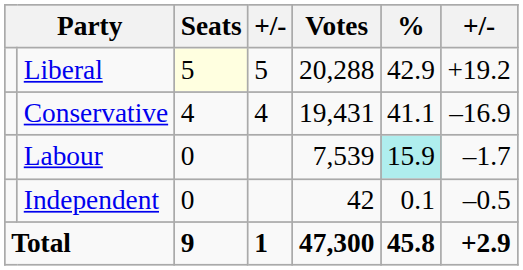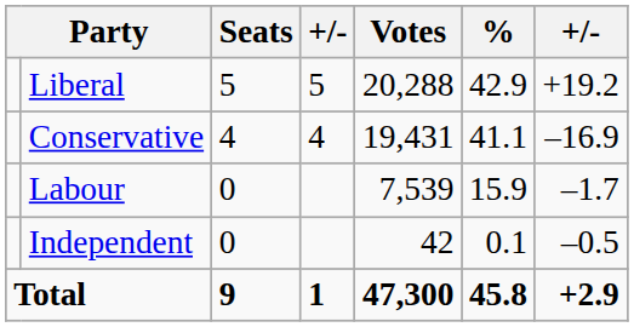 <table class="wikitable sortable">
 <tr>
 <th colspan="2">Party</th>
 <th>Seats</th>
 <th>+/-</th>
 <th>Votes</th>
 <th>%</th>
 <th>+/-</th>
 </tr>
 <tr>
 <td style="background-color: "></td>
 <td><a href='#'>Liberal</a></td>
-<td style="background: lightyellow;">5</td>
+<td>5</td>
 <td> 5</td>
 <td style="text-align:right;">20,288</td>
 <td style="text-align:right;">42.9</td>
 <td style="text-align:right;">+19.2</td>
 </tr>
 <tr>
 <td style="background-color: "></td>
 <td><a href='#'>Conservative</a></td>
 <td>4</td>
 <td> 4</td>
 <td style="text-align:right;">19,431</td>
 <td style="text-align:right;">41.1</td>
 <td style="text-align:right;">–16.9</td>
 </tr>
 <tr>
 <td style="background-color: "></td>
 <td><a href='#'>Labour</a></td>
 <td>0</td>
 <td></td>
 <td style="text-align:right;">7,539</td>
-<td style="background: paleturquoise; text-align:right;">15.9</td>
+<td style="text-align:right;">15.9</td>
 <td style="text-align:right;">–1.7</td>
 </tr>
 <tr>
 <td style="background-color: "></td>
 <td><a href='#'>Independent</a></td>
 <td>0</td>
 <td></td>
 <td style="text-align:right;">42</td>
 <td style="text-align:right;">0.1</td>
 <td style="text-align:right;">–0.5</td>
 </tr>
 <tr>
 <td colspan="2"><strong>Total</strong></td>
 <td><strong>9</strong></td>
 <td> <strong>1</strong></td>
 <td style="text-align:right;"><strong>47,300</strong></td>
 <td style="text-align:right;"><strong>45.8</strong></td>
 <td style="text-align:right;"><strong>+2.9</strong></td>
 </tr>
 </table>
